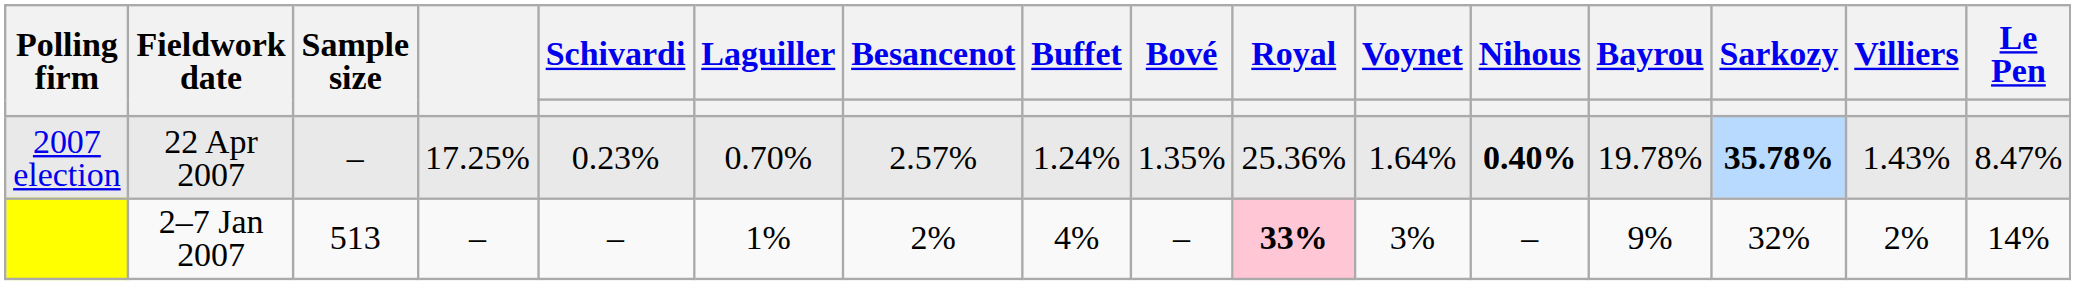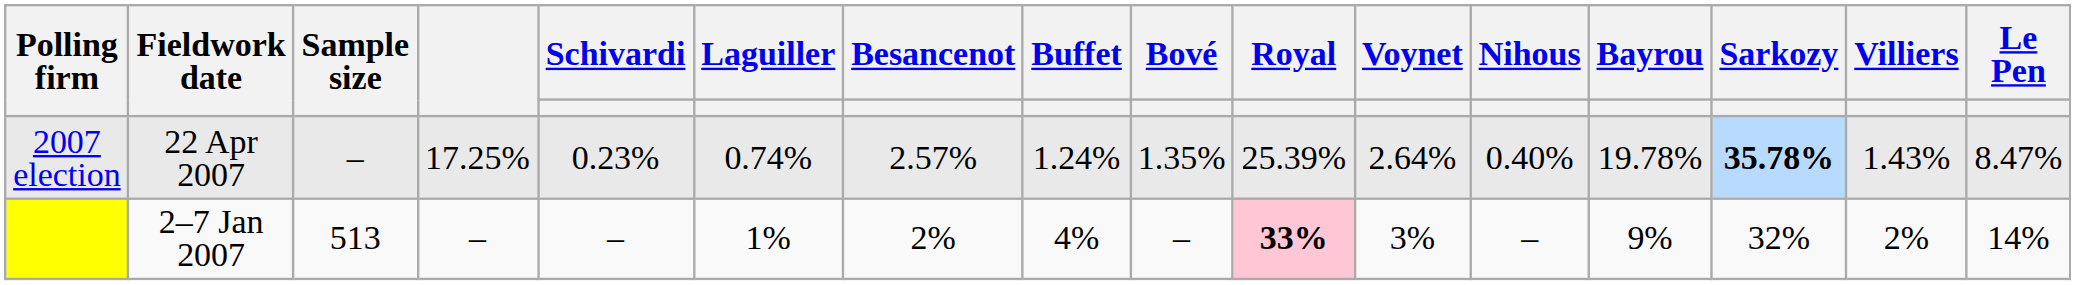 <table class="wikitable sortable" style="text-align:center;font-size:90%;line-height:14px;">
 <tr style="height:40px;">
 <th style="width:100px;" rowspan="2">Polling firm</th>
 <th style="width:110px;" rowspan="2">Fieldwork date</th>
 <th style="width:35px;" rowspan="2">Sample<br>size</th>
 <th style="width:30px;" rowspan="2"></th>
 <th class="unsortable" style="width:60px;"><a href='#'>Schivardi</a><br></th>
 <th class="unsortable" style="width:60px;"><a href='#'>Laguiller</a><br></th>
 <th class="unsortable" style="width:60px;"><a href='#'>Besancenot</a><br></th>
 <th class="unsortable" style="width:60px;"><a href='#'>Buffet</a><br></th>
 <th class="unsortable" style="width:60px;"><a href='#'>Bové</a><br></th>
 <th class="unsortable" style="width:60px;"><a href='#'>Royal</a><br></th>
 <th class="unsortable" style="width:60px;"><a href='#'>Voynet</a><br></th>
 <th class="unsortable" style="width:60px;"><a href='#'>Nihous</a><br></th>
 <th class="unsortable" style="width:60px;"><a href='#'>Bayrou</a><br></th>
 <th class="unsortable" style="width:60px;"><a href='#'>Sarkozy</a><br></th>
 <th class="unsortable" style="width:60px;"><a href='#'>Villiers</a><br></th>
 <th class="unsortable" style="width:60px;"><a href='#'>Le Pen</a><br></th>
 </tr>
 <tr>
 <th style="background:"></th>
 <th style="background:"></th>
 <th style="background:"></th>
 <th style="background:"></th>
 <th style="background:"></th>
 <th style="background:"></th>
 <th style="background:"></th>
 <th style="background:"></th>
 <th style="background:"></th>
 <th style="background:"></th>
 <th style="background:"></th>
 <th style="background:"></th>
 </tr>
 <tr style="background:#E9E9E9;">
 <td><a href='#'>2007 election</a></td>
 <td data-sort-value="2007-04-22">22 Apr 2007</td>
 <td>–</td>
 <td>17.25%</td>
 <td>0.23%</td>
-<td>0.70%</td>
+<td>0.74%</td>
 <td>2.57%</td>
 <td>1.24%</td>
 <td>1.35%</td>
-<td>25.36%</td>
-<td>1.64%</td>
-<td><strong>0.40%</strong></td>
+<td>25.39%</td>
+<td>2.64%</td>
+<td>0.40%</td>
 <td>19.78%</td>
 <td style="background:#B9DAFF;"><strong>35.78%</strong></td>
 <td>1.43%</td>
 <td>8.47%</td>
 </tr>
 <tr>
 <td style="background:yellow;"></td>
 <td data-sort-value="2007-01-07">2–7 Jan 2007</td>
 <td>513</td>
 <td>–</td>
 <td>–</td>
 <td>1%</td>
 <td>2%</td>
 <td>4%</td>
 <td>–</td>
 <td style="background:#FFC6D5;"><strong>33%</strong></td>
 <td>3%</td>
 <td>–</td>
 <td>9%</td>
 <td>32%</td>
 <td>2%</td>
 <td>14%</td>
 </tr>
 </table>
